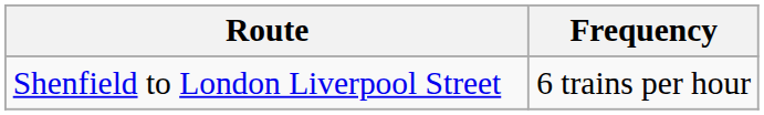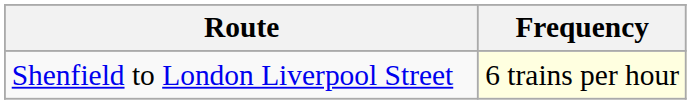 <table class="wikitable">
 <tr>
 <th width="250px">Route</th>
 <th>Frequency</th>
 </tr>
 <tr>
 <td><a href='#'>Shenfield</a> to <a href='#'>London Liverpool Street</a></td>
-<td>6 trains per hour</td>
+<td style="background: lightyellow;">6 trains per hour</td>
 </tr>
 </table>
